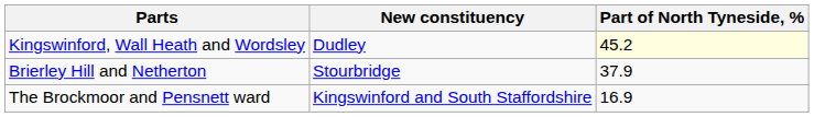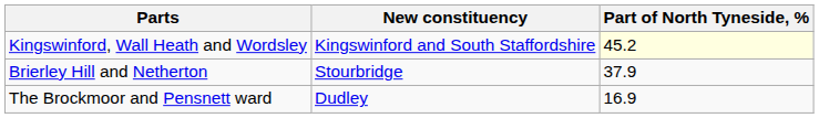 <table class="wikitable">
 <tr>
 <th>Parts</th>
 <th>New constituency</th>
 <th>Part of North Tyneside, %</th>
 </tr>
 <tr>
 <td><a href='#'>Kingswinford</a>, <a href='#'>Wall Heath</a> and <a href='#'>Wordsley</a></td>
-<td><a href='#'>Dudley</a></td>
+<td><a href='#'>Kingswinford and South Staffordshire</a></td>
 <td style="background: lightyellow;">45.2</td>
 </tr>
 <tr>
 <td><a href='#'>Brierley Hill</a> and <a href='#'>Netherton</a></td>
 <td><a href='#'>Stourbridge</a></td>
 <td>37.9</td>
 </tr>
 <tr>
 <td>The Brockmoor and <a href='#'>Pensnett</a> ward</td>
-<td><a href='#'>Kingswinford and South Staffordshire</a></td>
+<td><a href='#'>Dudley</a></td>
 <td>16.9</td>
 </tr>
 </table>
